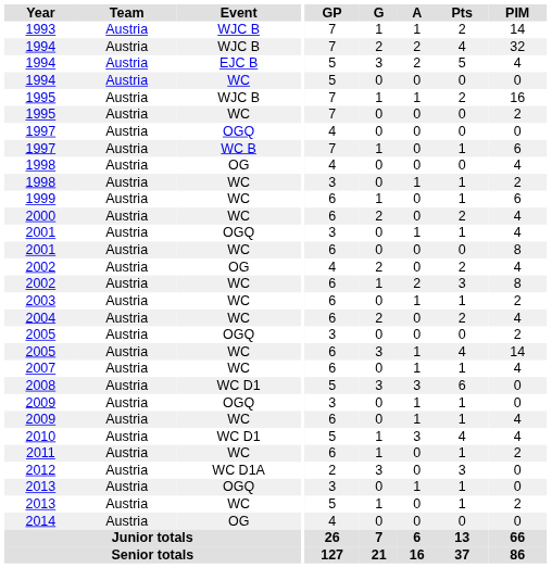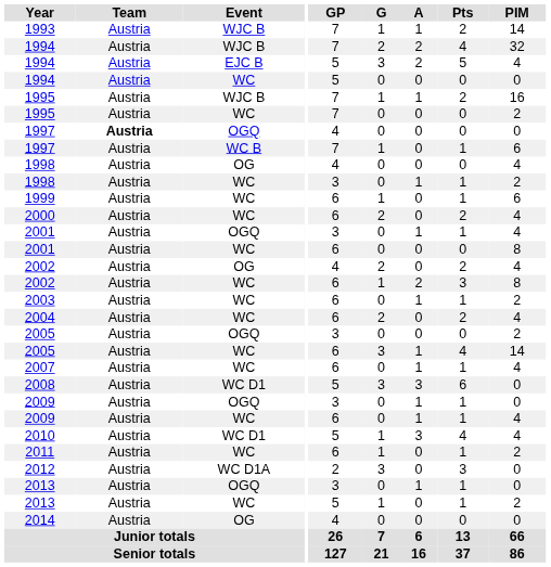 <table border="0" cellpadding="1" cellspacing="0" style="text-align:center; width:40em">
 <tr bgcolor="#e0e0e0">
 <th>Year</th>
 <th>Team</th>
 <th>Event</th>
 <th rowspan="99" bgcolor="#ffffff"></th>
 <th>GP</th>
 <th>G</th>
 <th>A</th>
 <th>Pts</th>
 <th>PIM</th>
 </tr>
 <tr>
 <td><a href='#'>1993</a></td>
 <td><a href='#'>Austria</a></td>
 <td><a href='#'>WJC B</a></td>
 <td>7</td>
 <td>1</td>
 <td>1</td>
 <td>2</td>
 <td>14</td>
 </tr>
 <tr bgcolor="#f0f0f0">
 <td><a href='#'>1994</a></td>
 <td>Austria</td>
 <td>WJC B</td>
 <td>7</td>
 <td>2</td>
 <td>2</td>
 <td>4</td>
 <td>32</td>
 </tr>
 <tr>
 <td><a href='#'>1994</a></td>
 <td><a href='#'>Austria</a></td>
 <td><a href='#'>EJC B</a></td>
 <td>5</td>
 <td>3</td>
 <td>2</td>
 <td>5</td>
 <td>4</td>
 </tr>
 <tr bgcolor="#f0f0f0">
 <td><a href='#'>1994</a></td>
 <td><a href='#'>Austria</a></td>
 <td><a href='#'>WC</a></td>
 <td>5</td>
 <td>0</td>
 <td>0</td>
 <td>0</td>
 <td>0</td>
 </tr>
 <tr>
 <td><a href='#'>1995</a></td>
 <td>Austria</td>
 <td>WJC B</td>
 <td>7</td>
 <td>1</td>
 <td>1</td>
 <td>2</td>
 <td>16</td>
 </tr>
 <tr bgcolor="#f0f0f0">
 <td><a href='#'>1995</a></td>
 <td>Austria</td>
 <td>WC</td>
 <td>7</td>
 <td>0</td>
 <td>0</td>
 <td>0</td>
 <td>2</td>
 </tr>
 <tr>
 <td><a href='#'>1997</a></td>
-<td>Austria</td>
+<td><strong>Austria</strong></td>
 <td><a href='#'>OGQ</a></td>
 <td>4</td>
 <td>0</td>
 <td>0</td>
 <td>0</td>
 <td>0</td>
 </tr>
 <tr bgcolor="#f0f0f0">
 <td><a href='#'>1997</a></td>
 <td>Austria</td>
 <td><a href='#'>WC B</a></td>
 <td>7</td>
 <td>1</td>
 <td>0</td>
 <td>1</td>
 <td>6</td>
 </tr>
 <tr>
 <td><a href='#'>1998</a></td>
 <td>Austria</td>
 <td>OG</td>
 <td>4</td>
 <td>0</td>
 <td>0</td>
 <td>0</td>
 <td>4</td>
 </tr>
 <tr bgcolor="#f0f0f0">
 <td><a href='#'>1998</a></td>
 <td>Austria</td>
 <td>WC</td>
 <td>3</td>
 <td>0</td>
 <td>1</td>
 <td>1</td>
 <td>2</td>
 </tr>
 <tr>
 <td><a href='#'>1999</a></td>
 <td>Austria</td>
 <td>WC</td>
 <td>6</td>
 <td>1</td>
 <td>0</td>
 <td>1</td>
 <td>6</td>
 </tr>
 <tr bgcolor="#f0f0f0">
 <td><a href='#'>2000</a></td>
 <td>Austria</td>
 <td>WC</td>
 <td>6</td>
 <td>2</td>
 <td>0</td>
 <td>2</td>
 <td>4</td>
 </tr>
 <tr>
 <td><a href='#'>2001</a></td>
 <td>Austria</td>
 <td>OGQ</td>
 <td>3</td>
 <td>0</td>
 <td>1</td>
 <td>1</td>
 <td>4</td>
 </tr>
 <tr bgcolor="#f0f0f0">
 <td><a href='#'>2001</a></td>
 <td>Austria</td>
 <td>WC</td>
 <td>6</td>
 <td>0</td>
 <td>0</td>
 <td>0</td>
 <td>8</td>
 </tr>
 <tr>
 <td><a href='#'>2002</a></td>
 <td>Austria</td>
 <td>OG</td>
 <td>4</td>
 <td>2</td>
 <td>0</td>
 <td>2</td>
 <td>4</td>
 </tr>
 <tr bgcolor="#f0f0f0">
 <td><a href='#'>2002</a></td>
 <td>Austria</td>
 <td>WC</td>
 <td>6</td>
 <td>1</td>
 <td>2</td>
 <td>3</td>
 <td>8</td>
 </tr>
 <tr>
 <td><a href='#'>2003</a></td>
 <td>Austria</td>
 <td>WC</td>
 <td>6</td>
 <td>0</td>
 <td>1</td>
 <td>1</td>
 <td>2</td>
 </tr>
 <tr bgcolor="#f0f0f0">
 <td><a href='#'>2004</a></td>
 <td>Austria</td>
 <td>WC</td>
 <td>6</td>
 <td>2</td>
 <td>0</td>
 <td>2</td>
 <td>4</td>
 </tr>
 <tr>
 <td><a href='#'>2005</a></td>
 <td>Austria</td>
 <td>OGQ</td>
 <td>3</td>
 <td>0</td>
 <td>0</td>
 <td>0</td>
 <td>2</td>
 </tr>
 <tr bgcolor="#f0f0f0">
 <td><a href='#'>2005</a></td>
 <td>Austria</td>
 <td>WC</td>
 <td>6</td>
 <td>3</td>
 <td>1</td>
 <td>4</td>
 <td>14</td>
 </tr>
 <tr>
 <td><a href='#'>2007</a></td>
 <td>Austria</td>
 <td>WC</td>
 <td>6</td>
 <td>0</td>
 <td>1</td>
 <td>1</td>
 <td>4</td>
 </tr>
 <tr bgcolor="#f0f0f0">
 <td><a href='#'>2008</a></td>
 <td>Austria</td>
 <td>WC D1</td>
 <td>5</td>
 <td>3</td>
 <td>3</td>
 <td>6</td>
 <td>0</td>
 </tr>
 <tr>
 <td><a href='#'>2009</a></td>
 <td>Austria</td>
 <td>OGQ</td>
 <td>3</td>
 <td>0</td>
 <td>1</td>
 <td>1</td>
 <td>0</td>
 </tr>
 <tr bgcolor="#f0f0f0">
 <td><a href='#'>2009</a></td>
 <td>Austria</td>
 <td>WC</td>
 <td>6</td>
 <td>0</td>
 <td>1</td>
 <td>1</td>
 <td>4</td>
 </tr>
 <tr>
 <td><a href='#'>2010</a></td>
 <td>Austria</td>
 <td>WC D1</td>
 <td>5</td>
 <td>1</td>
 <td>3</td>
 <td>4</td>
 <td>4</td>
 </tr>
 <tr bgcolor="#f0f0f0">
 <td><a href='#'>2011</a></td>
 <td>Austria</td>
 <td>WC</td>
 <td>6</td>
 <td>1</td>
 <td>0</td>
 <td>1</td>
 <td>2</td>
 </tr>
 <tr>
 <td><a href='#'>2012</a></td>
 <td>Austria</td>
 <td>WC D1A</td>
 <td>2</td>
 <td>3</td>
 <td>0</td>
 <td>3</td>
 <td>0</td>
 </tr>
 <tr bgcolor="#f0f0f0">
 <td><a href='#'>2013</a></td>
 <td>Austria</td>
 <td>OGQ</td>
 <td>3</td>
 <td>0</td>
 <td>1</td>
 <td>1</td>
 <td>0</td>
 </tr>
 <tr>
 <td><a href='#'>2013</a></td>
 <td>Austria</td>
 <td>WC</td>
 <td>5</td>
 <td>1</td>
 <td>0</td>
 <td>1</td>
 <td>2</td>
 </tr>
 <tr bgcolor="#f0f0f0">
 <td><a href='#'>2014</a></td>
 <td>Austria</td>
 <td>OG</td>
 <td>4</td>
 <td>0</td>
 <td>0</td>
 <td>0</td>
 <td>0</td>
 </tr>
 <tr bgcolor="#e0e0e0">
 <th colspan="3">Junior totals</th>
 <th>26</th>
 <th>7</th>
 <th>6</th>
 <th>13</th>
 <th>66</th>
 </tr>
 <tr bgcolor="#e0e0e0">
 <th colspan="3">Senior totals</th>
 <th>127</th>
 <th>21</th>
 <th>16</th>
 <th>37</th>
 <th>86</th>
 </tr>
 </table>
